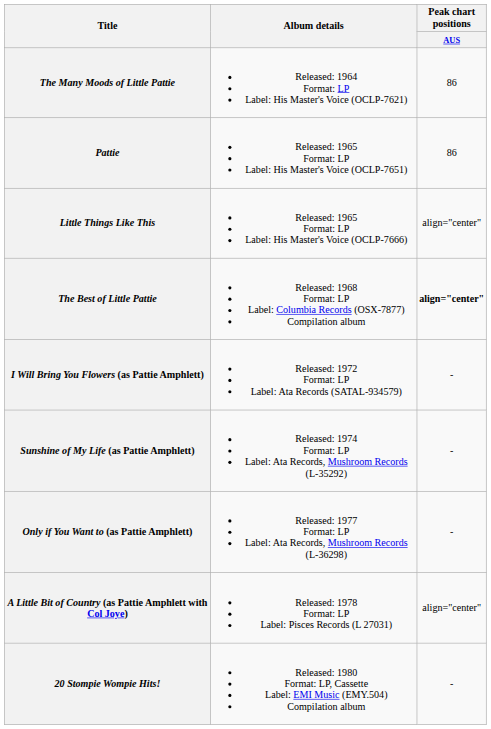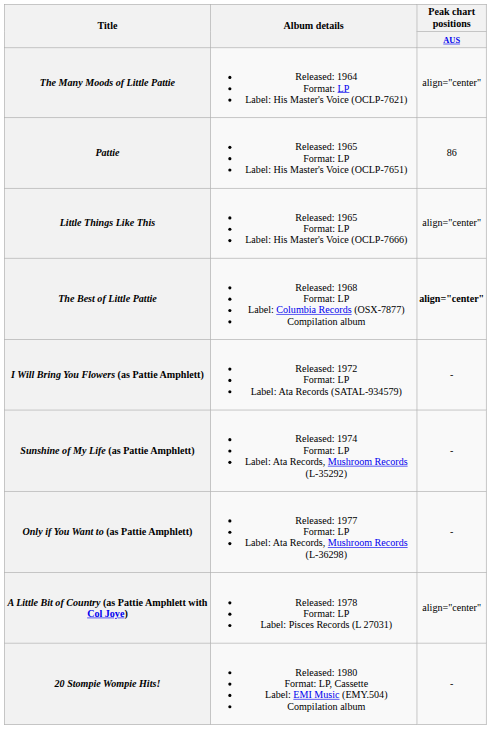 <table class="wikitable plainrowheaders" style="text-align:center;" border="1">
 <tr>
 <th scope="col" rowspan="2" style="width:20em;">Title</th>
 <th scope="col" rowspan="2" style="width:20em;">Album details</th>
 <th scope="col" colspan="1">Peak chart<br>positions</th>
 </tr>
 <tr>
 <th scope="col" style="text-align:center;"><small><a href='#'>AUS</a></small><br></th>
 </tr>
 <tr>
 <th scope="row"><em>The Many Moods of Little Pattie</em></th>
 <td><br><ul><li>Released: 1964</li><li>Format: <a href='#'>LP</a></li><li>Label: His Master's Voice (OCLP-7621)</li></ul></td>
-<td align="center">86</td>
+<td>align="center" </td>
 </tr>
 <tr>
 <th scope="row"><em>Pattie</em></th>
 <td><br><ul><li>Released: 1965</li><li>Format: LP</li><li>Label: His Master's Voice (OCLP-7651)</li></ul></td>
 <td align="center">86</td>
 </tr>
 <tr>
 <th scope="row"><em>Little Things Like This</em></th>
 <td><br><ul><li>Released: 1965</li><li>Format: LP</li><li>Label: His Master's Voice (OCLP-7666)</li></ul></td>
 <td>align="center" </td>
 </tr>
 <tr>
 <th scope="row"><em>The Best of Little Pattie</em></th>
 <td><br><ul><li>Released: 1968</li><li>Format: LP</li><li>Label: <a href='#'>Columbia Records</a> (OSX-7877)</li><li>Compilation album</li></ul></td>
 <td><strong>align="center" </strong></td>
 </tr>
 <tr>
 <th scope="row"><em>I Will Bring You Flowers</em> (as Pattie Amphlett)</th>
 <td><br><ul><li>Released: 1972</li><li>Format: LP</li><li>Label: Ata Records (SATAL-934579)</li></ul></td>
 <td align="center">-</td>
 </tr>
 <tr>
 <th scope="row"><em>Sunshine of My Life</em> (as Pattie Amphlett)</th>
 <td><br><ul><li>Released: 1974</li><li>Format: LP</li><li>Label: Ata Records, <a href='#'>Mushroom Records</a> (L-35292)</li></ul></td>
 <td align="center">-</td>
 </tr>
 <tr>
 <th scope="row"><em>Only if You Want to</em> (as Pattie Amphlett)</th>
 <td><br><ul><li>Released: 1977</li><li>Format: LP</li><li>Label: Ata Records, <a href='#'>Mushroom Records</a> (L-36298)</li></ul></td>
 <td align="center">-</td>
 </tr>
 <tr>
 <th scope="row"><em>A Little Bit of Country</em> (as Pattie Amphlett with <a href='#'>Col Joye</a>)</th>
 <td><br><ul><li>Released: 1978</li><li>Format: LP</li><li>Label: Pisces Records (L 27031)</li></ul></td>
 <td>align="center" </td>
 </tr>
 <tr>
 <th scope="row"><em>20 Stompie Wompie Hits!</em></th>
 <td><br><ul><li>Released: 1980</li><li>Format: LP, Cassette</li><li>Label: <a href='#'>EMI Music</a> (EMY.504)</li><li>Compilation album</li></ul></td>
 <td align="center">-</td>
 </tr>
 </table>
